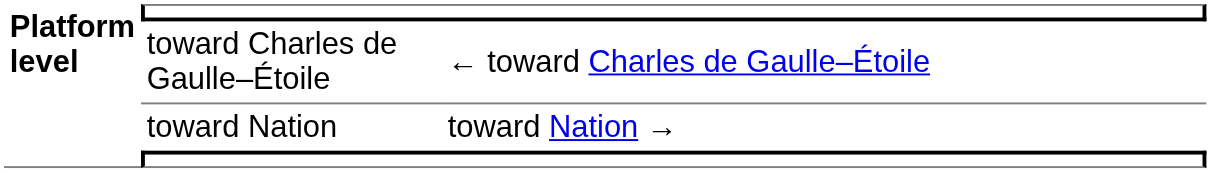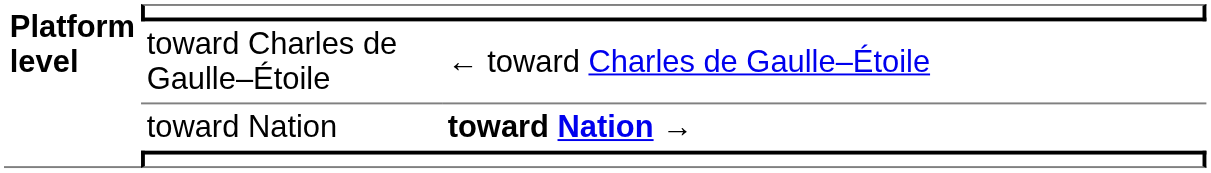 <table border=0 cellspacing=0 cellpadding=3>
 <tr>
 <td style="border-bottom:solid 1px gray;" width=50 rowspan=10 valign=top><strong>Platform level</strong></td>
 <td style="border-top:solid 1px gray;border-right:solid 2px black;border-left:solid 2px black;border-bottom:solid 2px black;text-align:center;" colspan=2></td>
 </tr>
 <tr>
 <td style="border-bottom:solid 1px gray;" width=150>toward Charles de Gaulle–Étoile</td>
 <td style="border-bottom:solid 1px gray;" width=390>←   toward <a href='#'>Charles de Gaulle–Étoile</a> </td>
 </tr>
 <tr>
 <td>toward Nation</td>
-<td>   toward <a href='#'>Nation</a>  →</td>
+<td><strong>   toward <a href='#'>Nation</a>  →</strong></td>
 </tr>
 <tr>
 <td style="border-top:solid 2px black;border-right:solid 2px black;border-left:solid 2px black;border-bottom:solid 1px gray;text-align:center;" colspan=2></td>
 </tr>
 </table>
